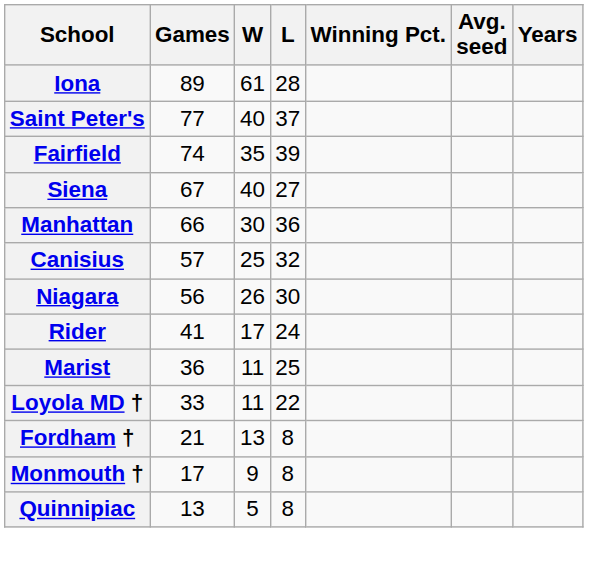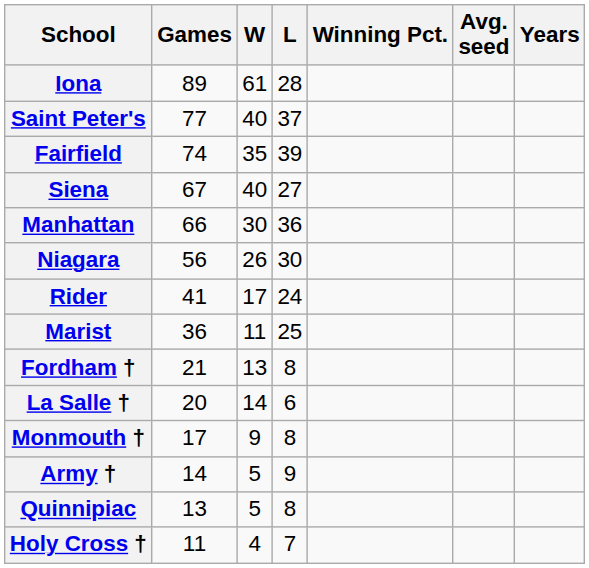 <table class="wikitable sortable" style="text-align:center">
 <tr>
 <th width=px>School</th>
 <th width=px>Games</th>
 <th width=px>W</th>
 <th width=px>L</th>
 <th width=px>Winning Pct.</th>
 <th width=px>Avg.<br>seed</th>
 <th width=px>Years</th>
 </tr>
 <tr>
 <th><a href='#'>Iona</a></th>
 <td>89</td>
 <td>61</td>
 <td>28</td>
 <td></td>
 <td> </td>
 <td> </td>
 </tr>
 <tr>
 <th><a href='#'>Saint Peter's</a></th>
 <td>77</td>
 <td>40</td>
 <td>37</td>
 <td></td>
 <td> </td>
 <td> </td>
 </tr>
 <tr>
 <th><a href='#'>Fairfield</a></th>
 <td>74</td>
 <td>35</td>
 <td>39</td>
 <td></td>
 <td> </td>
 <td> </td>
 </tr>
 <tr>
 <th><a href='#'>Siena</a></th>
 <td>67</td>
 <td>40</td>
 <td>27</td>
 <td></td>
 <td> </td>
 <td> </td>
 </tr>
 <tr>
 <th><a href='#'>Manhattan</a></th>
 <td>66</td>
 <td>30</td>
 <td>36</td>
 <td></td>
 <td> </td>
 <td> </td>
 </tr>
 <tr>
-<th><a href='#'>Canisius</a></th>
-<td>57</td>
-<td>25</td>
-<td>32</td>
-<td></td>
-<td> </td>
-<td> </td>
-</tr>
-<tr>
 <th><a href='#'>Niagara</a></th>
 <td>56</td>
 <td>26</td>
 <td>30</td>
 <td></td>
 <td> </td>
 <td> </td>
 </tr>
 <tr>
 <th><a href='#'>Rider</a></th>
 <td>41</td>
 <td>17</td>
 <td>24</td>
 <td></td>
 <td> </td>
 <td> </td>
 </tr>
 <tr>
 <th><a href='#'>Marist</a></th>
 <td>36</td>
 <td>11</td>
 <td>25</td>
 <td></td>
 <td> </td>
 <td> </td>
 </tr>
 <tr>
-<th><a href='#'>Loyola MD</a> †</th>
-<td>33</td>
-<td>11</td>
-<td>22</td>
+<th><a href='#'>Fordham</a> †</th>
+<td>21</td>
+<td>13</td>
+<td>8</td>
 <td></td>
 <td> </td>
 <td> </td>
 </tr>
 <tr>
-<th><a href='#'>Fordham</a> †</th>
-<td>21</td>
-<td>13</td>
-<td>8</td>
+<th><a href='#'>La Salle</a> †</th>
+<td>20</td>
+<td>14</td>
+<td>6</td>
 <td></td>
 <td> </td>
 <td> </td>
 </tr>
 <tr>
 <th><a href='#'>Monmouth</a> †</th>
 <td>17</td>
 <td>9</td>
 <td>8</td>
 <td></td>
 <td> </td>
 <td> </td>
 </tr>
 <tr>
+<th><a href='#'>Army</a> †</th>
+<td>14</td>
+<td>5</td>
+<td>9</td>
+<td></td>
+<td> </td>
+<td> </td>
+</tr>
+<tr>
 <th><a href='#'>Quinnipiac</a></th>
 <td>13</td>
 <td>5</td>
 <td>8</td>
 <td></td>
 <td> </td>
 <td> </td>
 </tr>
+<tr>
+<th><a href='#'>Holy Cross</a> †</th>
+<td>11</td>
+<td>4</td>
+<td>7</td>
+<td></td>
+<td> </td>
+<td> </td>
+</tr>
 </table>
